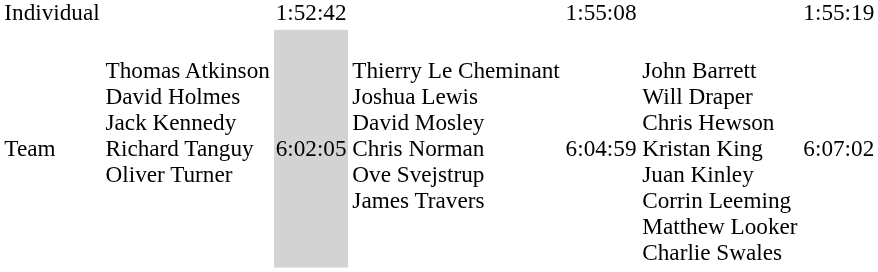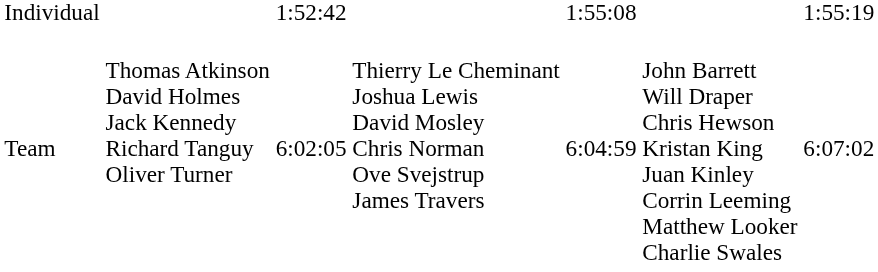 <table>
 <tr>
 <td>Individual</td>
 <td> </td>
 <td>1:52:42</td>
 <td></td>
 <td>1:55:08</td>
 <td></td>
 <td>1:55:19</td>
 </tr>
 <tr>
 <td>Team</td>
 <td valign=top> <br> Thomas Atkinson <br>David Holmes <br> Jack Kennedy<br> Richard Tanguy<br>Oliver Turner</td>
-<td style="background: lightgrey;">6:02:05</td>
+<td>6:02:05</td>
 <td valign=top> <br> Thierry Le Cheminant <br>Joshua Lewis <br>David Mosley <br>Chris Norman <br> Ove Svejstrup <br> James Travers</td>
 <td>6:04:59</td>
 <td valign=top> <br> John Barrett<br> Will Draper<br> Chris Hewson<br> Kristan King<br> Juan Kinley<br>Corrin Leeming<br>Matthew Looker<br>Charlie Swales</td>
 <td>6:07:02</td>
 </tr>
 </table>
